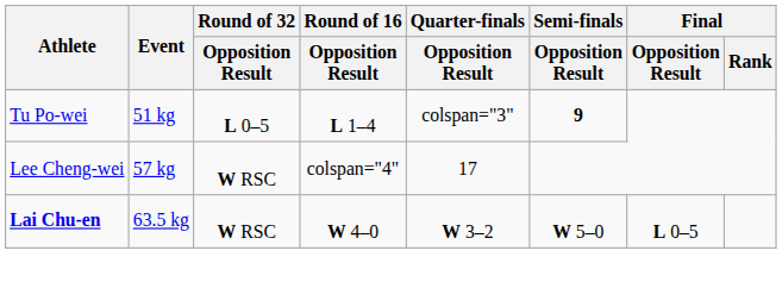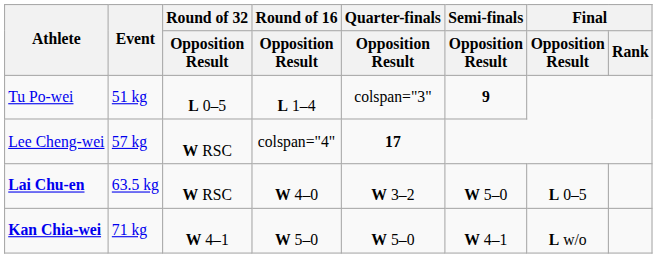 <table class="wikitable" style="font-size:90%; text-align:center">
 <tr>
 <th rowspan="2">Athlete</th>
 <th rowspan="2">Event</th>
 <th>Round of 32</th>
 <th>Round of 16</th>
 <th>Quarter-finals</th>
 <th>Semi-finals</th>
 <th colspan="2">Final</th>
 </tr>
 <tr>
 <th>Opposition<br>Result</th>
 <th>Opposition<br>Result</th>
 <th>Opposition<br>Result</th>
 <th>Opposition<br>Result</th>
 <th>Opposition<br>Result</th>
 <th>Rank</th>
 </tr>
 <tr>
 <td align="left"><a href='#'>Tu Po-wei</a></td>
 <td align="left"><a href='#'>51 kg</a></td>
 <td><br><strong>L</strong> 0–5</td>
 <td><br><strong>L</strong> 1–4</td>
 <td>colspan="3" </td>
 <td><strong>9</strong></td>
 </tr>
 <tr>
 <td align="left"><a href='#'>Lee Cheng-wei</a></td>
 <td align="left"><a href='#'>57 kg</a></td>
 <td><br><strong>W</strong> RSC</td>
 <td>colspan="4" </td>
-<td>17</td>
+<td><strong>17</strong></td>
 </tr>
 <tr>
 <td align="left"><strong><a href='#'>Lai Chu-en</a></strong></td>
 <td align="left"><a href='#'>63.5 kg</a></td>
 <td><br><strong>W</strong> RSC</td>
 <td><br><strong>W</strong> 4–0</td>
 <td><br><strong>W</strong> 3–2</td>
 <td><br><strong>W</strong> 5–0</td>
 <td><br><strong>L</strong> 0–5</td>
 <td></td>
 </tr>
+<tr>
+<td align="left"><strong><a href='#'>Kan Chia-wei</a></strong></td>
+<td align="left"><a href='#'>71 kg</a></td>
+<td><br><strong>W</strong> 4–1</td>
+<td><br><strong>W</strong> 5–0</td>
+<td><br><strong>W</strong> 5–0</td>
+<td><br><strong>W</strong> 4–1</td>
+<td><br><strong>L</strong> w/o</td>
+<td></td>
+</tr>
 </table>
